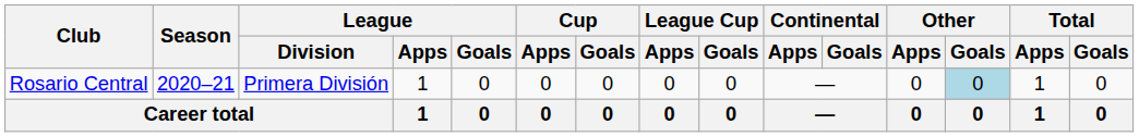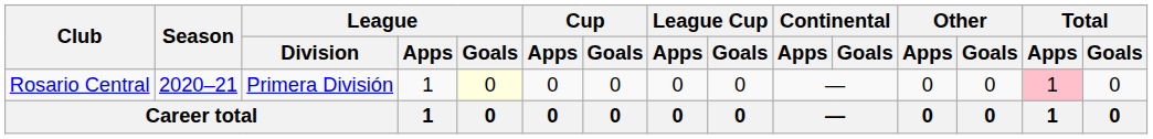 <table class="wikitable" style="text-align:center">
 <tr>
 <th rowspan="2">Club</th>
 <th rowspan="2">Season</th>
 <th colspan="3">League</th>
 <th colspan="2">Cup</th>
 <th colspan="2">League Cup</th>
 <th colspan="2">Continental</th>
 <th colspan="2">Other</th>
 <th colspan="2">Total</th>
 </tr>
 <tr>
 <th>Division</th>
 <th>Apps</th>
 <th>Goals</th>
 <th>Apps</th>
 <th>Goals</th>
 <th>Apps</th>
 <th>Goals</th>
 <th>Apps</th>
 <th>Goals</th>
 <th>Apps</th>
 <th>Goals</th>
 <th>Apps</th>
 <th>Goals</th>
 </tr>
 <tr>
 <td rowspan="1"><a href='#'>Rosario Central</a></td>
 <td><a href='#'>2020–21</a></td>
 <td rowspan="1"><a href='#'>Primera División</a></td>
 <td>1</td>
-<td>0</td>
+<td style="background: lightyellow;">0</td>
 <td>0</td>
 <td>0</td>
 <td>0</td>
 <td>0</td>
 <td colspan="2">—</td>
 <td>0</td>
-<td style="background: lightblue;">0</td>
-<td>1</td>
+<td>0</td>
+<td style="background: pink;">1</td>
 <td>0</td>
 </tr>
 <tr>
 <th colspan="3">Career total</th>
 <th>1</th>
 <th>0</th>
 <th>0</th>
 <th>0</th>
 <th>0</th>
 <th>0</th>
 <th colspan="2">—</th>
 <th>0</th>
 <th>0</th>
 <th>1</th>
 <th>0</th>
 </tr>
 </table>
